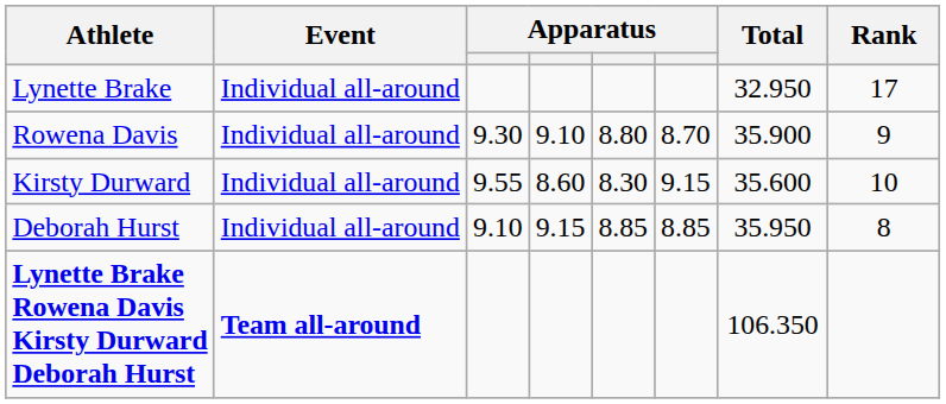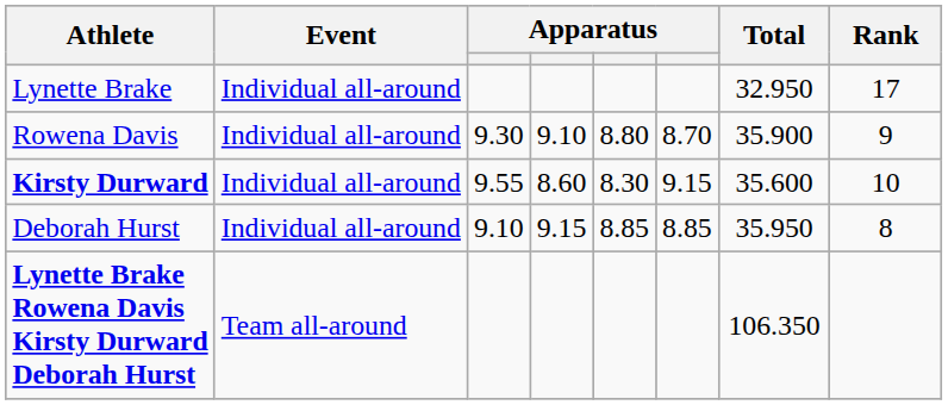 <table class="wikitable" style="font-size:90%">
 <tr>
 <th rowspan="2">Athlete</th>
 <th rowspan="2">Event</th>
 <th colspan="4">Apparatus</th>
 <th rowspan="2" style="width:50px;">Total</th>
 <th rowspan="2" style="width:50px;">Rank</th>
 </tr>
 <tr style="font-size:95%">
 <th></th>
 <th></th>
 <th></th>
 <th></th>
 </tr>
 <tr align=center>
 <td align=left><a href='#'>Lynette Brake</a></td>
 <td align=left><a href='#'>Individual all-around</a></td>
 <td>    </td>
 <td>    </td>
 <td>    </td>
 <td>    </td>
 <td>32.950</td>
 <td>17</td>
 </tr>
 <tr align=center>
 <td align=left><a href='#'>Rowena Davis</a></td>
 <td align=left><a href='#'>Individual all-around</a></td>
 <td>9.30</td>
 <td>9.10</td>
 <td>8.80</td>
 <td>8.70</td>
 <td>35.900</td>
 <td>9</td>
 </tr>
 <tr align=center>
-<td align=left><a href='#'>Kirsty Durward</a></td>
+<td align=left><strong><a href='#'>Kirsty Durward</a></strong></td>
 <td align=left><a href='#'>Individual all-around</a></td>
 <td>9.55</td>
 <td>8.60</td>
 <td>8.30</td>
 <td>9.15</td>
 <td>35.600</td>
 <td>10</td>
 </tr>
 <tr align=center>
 <td align=left><a href='#'>Deborah Hurst</a></td>
 <td align=left><a href='#'>Individual all-around</a></td>
 <td>9.10</td>
 <td>9.15</td>
 <td>8.85</td>
 <td>8.85</td>
 <td>35.950</td>
 <td>8</td>
 </tr>
 <tr align=center>
 <td align=left><strong><a href='#'>Lynette Brake</a><br><a href='#'>Rowena Davis</a><br><a href='#'>Kirsty Durward</a><br><a href='#'>Deborah Hurst</a></strong></td>
-<td align=left><strong><a href='#'>Team all-around</a></strong></td>
+<td align=left><a href='#'>Team all-around</a></td>
 <td></td>
 <td></td>
 <td></td>
 <td></td>
 <td>106.350</td>
 <td></td>
 </tr>
 </table>
